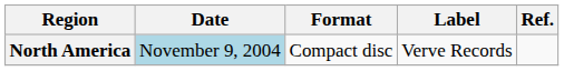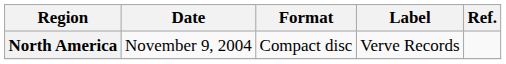 <table class="wikitable plainrowheaders">
 <tr>
 <th scope="col">Region</th>
 <th scope="col">Date</th>
 <th scope="col">Format</th>
 <th scope="col">Label</th>
 <th scope="col">Ref.</th>
 </tr>
 <tr>
 <th scope="row">North America</th>
-<td style="background: lightblue;">November 9, 2004</td>
+<td>November 9, 2004</td>
 <td>Compact disc</td>
 <td>Verve Records</td>
 <td></td>
 </tr>
 <tr>
 </tr>
 </table>
